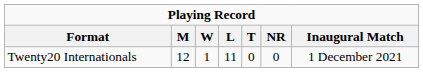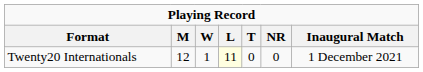 <table class="wikitable" style="text-align: center; width: 500px;">
 <tr>
 <td colspan=7 align="center"><strong>Playing Record</strong></td>
 </tr>
 <tr>
 <th>Format</th>
 <th>M</th>
 <th>W</th>
 <th>L</th>
 <th>T</th>
 <th>NR</th>
 <th>Inaugural Match</th>
 </tr>
 <tr>
 <td align="left">Twenty20 Internationals</td>
 <td>12</td>
 <td>1</td>
-<td>11</td>
+<td style="background: lightyellow;">11</td>
 <td>0</td>
 <td>0</td>
 <td>1 December 2021</td>
 </tr>
 </table>
